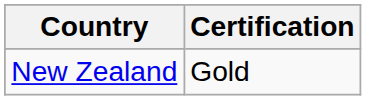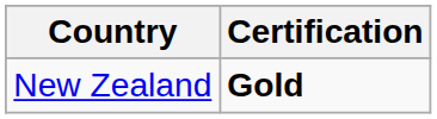 <table class="wikitable">
 <tr>
 <th>Country</th>
 <th>Certification</th>
 </tr>
 <tr>
 <td><a href='#'>New Zealand</a></td>
-<td>Gold </td>
+<td><strong>Gold </strong></td>
 </tr>
 </table>
